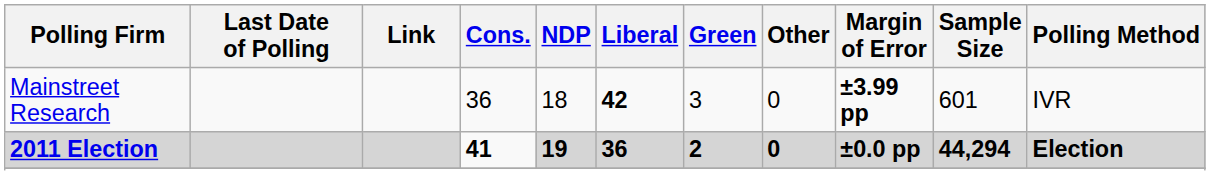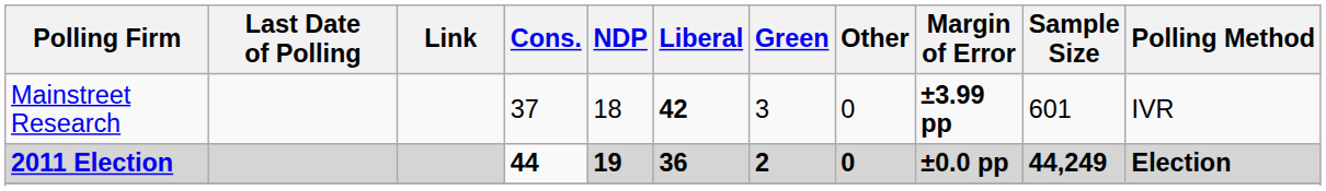 <table class="wikitable sortable">
 <tr style="background:#e9e9e9;">
 <th style="width:120px">Polling Firm</th>
 <th style="width:110px">Last Date<br>of Polling</th>
 <th style="width:60px" class="unsortable">Link</th>
 <th style="background-color:"><strong><a href='#'>Cons.</a></strong></th>
 <th style="background-color:"><strong><a href='#'>NDP</a></strong></th>
 <th style="background-color:"><strong><a href='#'>Liberal</a></strong></th>
 <th style="background-color:"><strong><a href='#'>Green</a></strong></th>
 <th style="background-color:"><strong>Other</strong></th>
 <th style="width:60px;" class=unsortable>Margin<br>of Error</th>
 <th style="width:50px;" class=unsortable>Sample<br>Size</th>
 <th class=unsortable>Polling Method</th>
 </tr>
 <tr>
 <td><a href='#'>Mainstreet Research</a></td>
 <td></td>
 <td></td>
-<td>36</td>
+<td>37</td>
 <td>18</td>
 <td><strong>42</strong></td>
 <td>3</td>
 <td>0</td>
 <td><strong>±3.99 pp</strong></td>
 <td>601</td>
 <td>IVR</td>
 </tr>
 <tr>
 <td style="background:#D5D5D5"><strong><a href='#'>2011 Election</a></strong></td>
 <td style="background:#D5D5D5"><strong></strong></td>
 <td style="background:#D5D5D5"></td>
-<td><strong>41</strong></td>
+<td><strong>44</strong></td>
 <td style="background:#D5D5D5"><strong>19</strong></td>
 <td style="background:#D5D5D5"><strong>36</strong></td>
 <td style="background:#D5D5D5"><strong>2</strong></td>
 <td style="background:#D5D5D5"><strong>0</strong></td>
 <td style="background:#D5D5D5"><strong>±0.0 pp</strong></td>
-<td style="background:#D5D5D5"><strong>44,294</strong></td>
+<td style="background:#D5D5D5"><strong>44,249</strong></td>
 <td style="background:#D5D5D5"><strong>Election</strong></td>
 </tr>
 <tr>
 </tr>
 <tr>
 </tr>
 </table>
